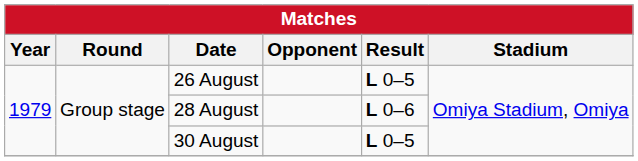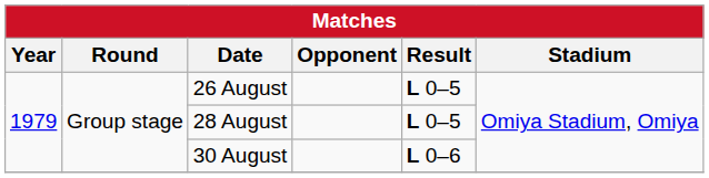 <table class="wikitable" style="text-align: left;">
 <tr>
 <th colspan=6 style="background: #CE1126; color: #FFFFFF;">Matches</th>
 </tr>
 <tr>
 <th>Year</th>
 <th>Round</th>
 <th>Date</th>
 <th>Opponent</th>
 <th>Result</th>
 <th>Stadium</th>
 </tr>
 <tr>
 <td rowspan=3> <a href='#'>1979</a></td>
 <td rowspan=3>Group stage</td>
 <td>26 August</td>
 <td></td>
 <td><strong>L</strong> 0–5</td>
 <td rowspan=3 align=left><a href='#'>Omiya Stadium</a>, <a href='#'>Omiya</a></td>
 </tr>
 <tr>
 <td>28 August</td>
 <td></td>
-<td><strong>L</strong> 0–6</td>
+<td><strong>L</strong> 0–5</td>
 </tr>
 <tr>
 <td>30 August</td>
 <td></td>
-<td><strong>L</strong> 0–5</td>
+<td><strong>L</strong> 0–6</td>
 </tr>
 <tr>
 </tr>
 </table>
